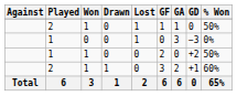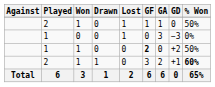 <table class="sortable wikitable">
 <tr>
 <th>Against</th>
 <th>Played</th>
 <th>Won</th>
 <th>Drawn</th>
 <th>Lost</th>
 <th>GF</th>
 <th>GA</th>
 <th>GD</th>
 <th>% Won</th>
 </tr>
 <tr bgcolor="#d0ffd0" align="center">
 </tr>
 <tr>
 <td align="left"></td>
 <td>2</td>
 <td>1</td>
 <td>0</td>
 <td>1</td>
 <td>1</td>
 <td>1</td>
 <td>0</td>
 <td>50%</td>
 </tr>
 <tr>
 <td align="left"></td>
 <td>1</td>
 <td>0</td>
 <td>0</td>
 <td>1</td>
 <td>0</td>
 <td>3</td>
 <td>−3</td>
 <td>0%</td>
 </tr>
 <tr>
 <td align="left"></td>
 <td>1</td>
 <td>1</td>
 <td>0</td>
 <td>0</td>
-<td>2</td>
+<td><strong>2</strong></td>
 <td>0</td>
 <td>+2</td>
 <td>50%</td>
 </tr>
 <tr>
 <td align="left"></td>
 <td>2</td>
 <td>1</td>
 <td>1</td>
 <td>0</td>
 <td>3</td>
 <td>2</td>
 <td>+1</td>
-<td>60%</td>
+<td><strong>60%</strong></td>
 </tr>
 <tr class="sortbottom">
 <th>Total</th>
 <th>6</th>
 <th>3</th>
 <th>1</th>
 <th>2</th>
 <th>6</th>
 <th>6</th>
 <th>0</th>
 <th>65%</th>
 </tr>
 </table>
